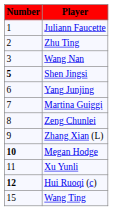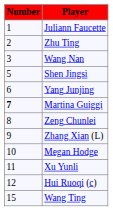 <table bgcolor="#f7f8ff" cellpadding="3" cellspacing="0" border="1" style="font-size: 95%; border: gray solid 1px; border-collapse: collapse;">
 <tr bgcolor="#ff0000">
 <td align=center><strong>Number</strong></td>
 <td align=center><strong>Player</strong></td>
 </tr>
 <tr align="left">
 <td>1</td>
 <td> <a href='#'>Juliann Faucette</a></td>
 </tr>
 <tr align=left>
 <td>2</td>
 <td> <a href='#'>Zhu Ting</a></td>
 </tr>
 <tr align="left">
 <td>3</td>
 <td> <a href='#'>Wang Nan</a></td>
 </tr>
 <tr align="left">
-<td><strong>5</strong></td>
+<td>5</td>
 <td> <a href='#'>Shen Jingsi</a></td>
 </tr>
 <tr align="left">
 <td>6</td>
 <td> <a href='#'>Yang Junjing</a></td>
 </tr>
 <tr align="left">
-<td>7</td>
+<td><strong>7</strong></td>
 <td> <a href='#'>Martina Guiggi</a></td>
 </tr>
 <tr align="left">
 <td>8</td>
 <td> <a href='#'>Zeng Chunlei</a></td>
 </tr>
 <tr align="left">
 <td>9</td>
 <td> <a href='#'>Zhang Xian</a> (L)</td>
 </tr>
 <tr align="left">
-<td><strong>10</strong></td>
+<td>10</td>
 <td> <a href='#'>Megan Hodge</a></td>
 </tr>
 <tr align="left">
 <td>11</td>
 <td> <a href='#'>Xu Yunli</a></td>
 </tr>
 <tr align="left">
-<td><strong>12</strong></td>
+<td>12</td>
 <td> <a href='#'>Hui Ruoqi</a> (<a href='#'>c</a>)</td>
 </tr>
 <tr align="left">
 <td>15</td>
 <td> <a href='#'>Wang Ting</a></td>
 </tr>
 </table>
